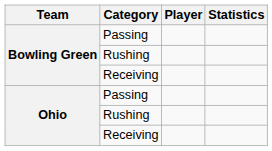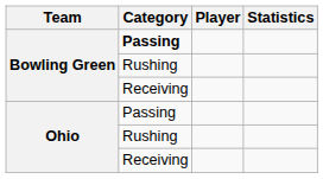 <table class="wikitable" style="float:right">
 <tr>
 <th>Team</th>
 <th>Category</th>
 <th>Player</th>
 <th>Statistics</th>
 </tr>
 <tr>
 <th rowspan=3>Bowling Green</th>
-<td>Passing</td>
+<td><strong>Passing</strong></td>
 <td></td>
 <td></td>
 </tr>
 <tr>
 <td>Rushing</td>
 <td></td>
 <td></td>
 </tr>
 <tr>
 <td>Receiving</td>
 <td></td>
 <td></td>
 </tr>
 <tr>
 <th rowspan=3>Ohio</th>
 <td>Passing</td>
 <td></td>
 <td></td>
 </tr>
 <tr>
 <td>Rushing</td>
 <td></td>
 <td></td>
 </tr>
 <tr>
 <td>Receiving</td>
 <td></td>
 <td></td>
 </tr>
 </table>
